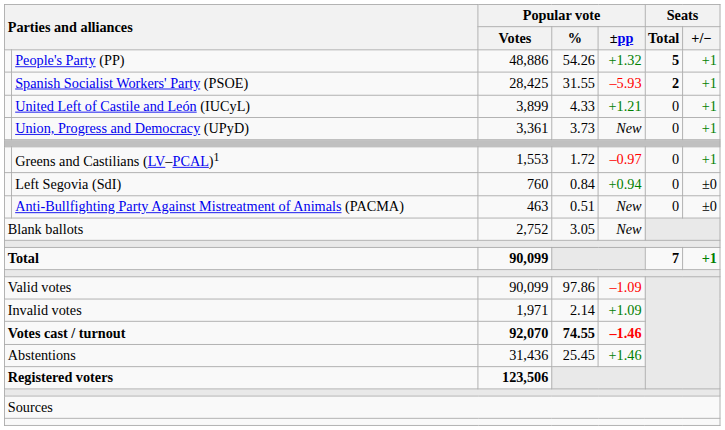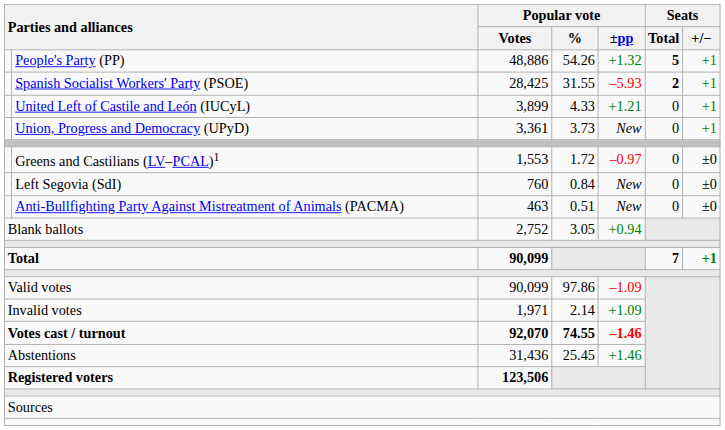 <table class="wikitable" style="text-align:right;">
 <tr>
 <th style="text-align:left;" rowspan="2" colspan="2" width="525">Parties and alliances</th>
 <th colspan="3">Popular vote</th>
 <th colspan="2">Seats</th>
 </tr>
 <tr>
 <th width="75">Votes</th>
 <th width="45">%</th>
 <th width="45">±<a href='#'>pp</a></th>
 <th width="35">Total</th>
 <th width="35">+/−</th>
 </tr>
 <tr>
 <td width="1" style="color:inherit;background:"></td>
 <td align="left"><a href='#'>People's Party</a> (PP)</td>
 <td>48,886</td>
 <td>54.26</td>
 <td style="color:green;">+1.32</td>
 <td><strong>5</strong></td>
 <td style="color:green;">+1</td>
 </tr>
 <tr>
 <td style="color:inherit;background:"></td>
 <td align="left"><a href='#'>Spanish Socialist Workers' Party</a> (PSOE)</td>
 <td>28,425</td>
 <td>31.55</td>
 <td style="color:red;">–5.93</td>
 <td><strong>2</strong></td>
 <td style="color:green;">+1</td>
 </tr>
 <tr>
 <td style="color:inherit;background:"></td>
 <td align="left"><a href='#'>United Left of Castile and León</a> (IUCyL)</td>
 <td>3,899</td>
 <td>4.33</td>
 <td style="color:green;">+1.21</td>
 <td>0</td>
 <td style="color:green;">+1</td>
 </tr>
 <tr>
 <td style="color:inherit;background:"></td>
 <td align="left"><a href='#'>Union, Progress and Democracy</a> (UPyD)</td>
 <td>3,361</td>
 <td>3.73</td>
 <td><em>New</em></td>
 <td>0</td>
 <td style="color:green;">+1</td>
 </tr>
 <tr>
 <td colspan="7" bgcolor="#C0C0C0"></td>
 </tr>
 <tr>
 <td style="color:inherit;background:"></td>
 <td align="left">Greens and Castilians (<a href='#'>LV</a>–<a href='#'>PCAL</a>)<sup>1</sup></td>
 <td>1,553</td>
 <td>1.72</td>
 <td style="color:red;">–0.97</td>
 <td>0</td>
-<td style="color:green;">+1</td>
+<td>±0</td>
 </tr>
 <tr>
 <td style="color:inherit;background:"></td>
 <td align="left">Left Segovia (SdI)</td>
 <td>760</td>
 <td>0.84</td>
-<td style="color:green;">+0.94</td>
+<td><em>New</em></td>
 <td>0</td>
 <td>±0</td>
 </tr>
 <tr>
 <td style="color:inherit;background:"></td>
 <td align="left"><a href='#'>Anti-Bullfighting Party Against Mistreatment of Animals</a> (PACMA)</td>
 <td>463</td>
 <td>0.51</td>
 <td><em>New</em></td>
 <td>0</td>
 <td>±0</td>
 </tr>
 <tr>
 <td align="left" colspan="2">Blank ballots</td>
 <td>2,752</td>
 <td>3.05</td>
-<td><em>New</em></td>
+<td style="color:green;">+0.94</td>
 <td bgcolor="#E9E9E9" colspan="2"></td>
 </tr>
 <tr>
 <td colspan="7" bgcolor="#E9E9E9"></td>
 </tr>
 <tr style="font-weight:bold;">
 <td align="left" colspan="2">Total</td>
 <td>90,099</td>
 <td bgcolor="#E9E9E9" colspan="2"></td>
 <td>7</td>
 <td style="color:green;">+1</td>
 </tr>
 <tr>
 <td colspan="7" bgcolor="#E9E9E9"></td>
 </tr>
 <tr>
 <td align="left" colspan="2">Valid votes</td>
 <td>90,099</td>
 <td>97.86</td>
 <td style="color:red;">–1.09</td>
 <td bgcolor="#E9E9E9" colspan="2" rowspan="5"></td>
 </tr>
 <tr>
 <td align="left" colspan="2">Invalid votes</td>
 <td>1,971</td>
 <td>2.14</td>
 <td style="color:green;">+1.09</td>
 </tr>
 <tr style="font-weight:bold;">
 <td align="left" colspan="2">Votes cast / turnout</td>
 <td>92,070</td>
 <td>74.55</td>
 <td style="color:red;">–1.46</td>
 </tr>
 <tr>
 <td align="left" colspan="2">Abstentions</td>
 <td>31,436</td>
 <td>25.45</td>
 <td style="color:green;">+1.46</td>
 </tr>
 <tr style="font-weight:bold;">
 <td align="left" colspan="2">Registered voters</td>
 <td>123,506</td>
 <td bgcolor="#E9E9E9" colspan="2"></td>
 </tr>
 <tr>
 <td colspan="7" bgcolor="#E9E9E9"></td>
 </tr>
 <tr>
 <td align="left" colspan="7">Sources</td>
 </tr>
 <tr>
 <td colspan="7" style="text-align:left; max-width:790px;"></td>
 </tr>
 </table>
